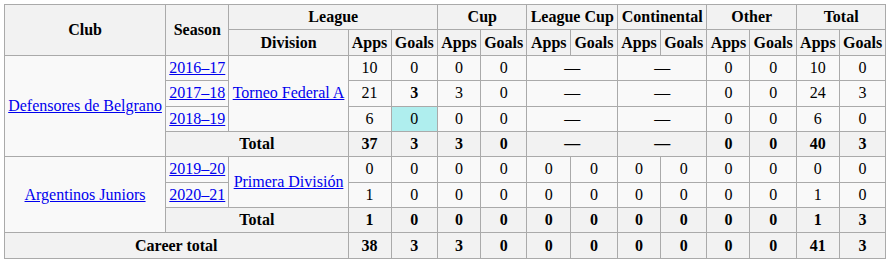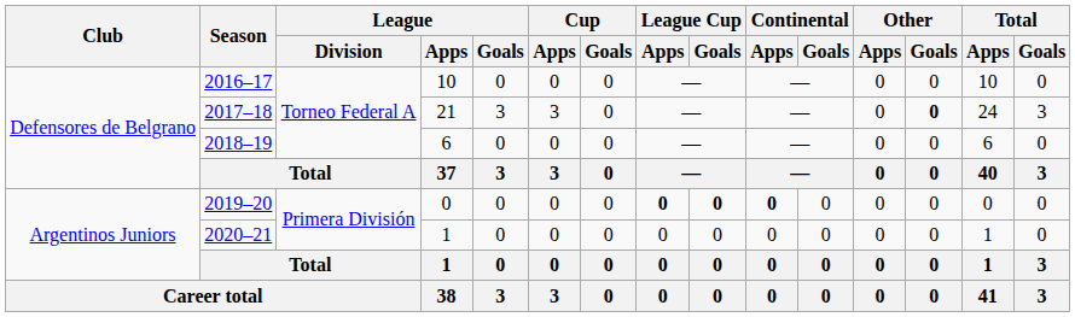 <table class="wikitable" style="text-align:center">
 <tr>
 <th rowspan="2">Club</th>
 <th rowspan="2">Season</th>
 <th colspan="3">League</th>
 <th colspan="2">Cup</th>
 <th colspan="2">League Cup</th>
 <th colspan="2">Continental</th>
 <th colspan="2">Other</th>
 <th colspan="2">Total</th>
 </tr>
 <tr>
 <th>Division</th>
 <th>Apps</th>
 <th>Goals</th>
 <th>Apps</th>
 <th>Goals</th>
 <th>Apps</th>
 <th>Goals</th>
 <th>Apps</th>
 <th>Goals</th>
 <th>Apps</th>
 <th>Goals</th>
 <th>Apps</th>
 <th>Goals</th>
 </tr>
 <tr>
 <td rowspan="4"><a href='#'>Defensores de Belgrano</a></td>
 <td><a href='#'>2016–17</a></td>
 <td rowspan="3"><a href='#'>Torneo Federal A</a></td>
 <td>10</td>
 <td>0</td>
 <td>0</td>
 <td>0</td>
 <td colspan="2">—</td>
 <td colspan="2">—</td>
 <td>0</td>
 <td>0</td>
 <td>10</td>
 <td>0</td>
 </tr>
 <tr>
 <td><a href='#'>2017–18</a></td>
 <td>21</td>
-<td><strong>3</strong></td>
+<td>3</td>
 <td>3</td>
 <td>0</td>
 <td colspan="2">—</td>
 <td colspan="2">—</td>
 <td>0</td>
-<td>0</td>
+<td><strong>0</strong></td>
 <td>24</td>
 <td>3</td>
 </tr>
 <tr>
 <td><a href='#'>2018–19</a></td>
 <td>6</td>
-<td style="background: paleturquoise;">0</td>
+<td>0</td>
 <td>0</td>
 <td>0</td>
 <td colspan="2">—</td>
 <td colspan="2">—</td>
 <td>0</td>
 <td>0</td>
 <td>6</td>
 <td>0</td>
 </tr>
 <tr>
 <th colspan="2">Total</th>
 <th>37</th>
 <th>3</th>
 <th>3</th>
 <th>0</th>
 <th colspan="2">—</th>
 <th colspan="2">—</th>
 <th>0</th>
 <th>0</th>
 <th>40</th>
 <th>3</th>
 </tr>
 <tr>
 <td rowspan="3"><a href='#'>Argentinos Juniors</a></td>
 <td><a href='#'>2019–20</a></td>
 <td rowspan="2"><a href='#'>Primera División</a></td>
 <td>0</td>
 <td>0</td>
 <td>0</td>
 <td>0</td>
-<td>0</td>
-<td>0</td>
-<td>0</td>
+<td><strong>0</strong></td>
+<td><strong>0</strong></td>
+<td><strong>0</strong></td>
 <td>0</td>
 <td>0</td>
 <td>0</td>
 <td>0</td>
 <td>0</td>
 </tr>
 <tr>
 <td><a href='#'>2020–21</a></td>
 <td>1</td>
 <td>0</td>
 <td>0</td>
 <td>0</td>
 <td>0</td>
 <td>0</td>
 <td>0</td>
 <td>0</td>
 <td>0</td>
 <td>0</td>
 <td>1</td>
 <td>0</td>
 </tr>
 <tr>
 <th colspan="2">Total</th>
 <th>1</th>
 <th>0</th>
 <th>0</th>
 <th>0</th>
 <th>0</th>
 <th>0</th>
 <th>0</th>
 <th>0</th>
 <th>0</th>
 <th>0</th>
 <th>1</th>
 <th>3</th>
 </tr>
 <tr>
 <th colspan="3">Career total</th>
 <th>38</th>
 <th>3</th>
 <th>3</th>
 <th>0</th>
 <th>0</th>
 <th>0</th>
 <th>0</th>
 <th>0</th>
 <th>0</th>
 <th>0</th>
 <th>41</th>
 <th>3</th>
 </tr>
 </table>
